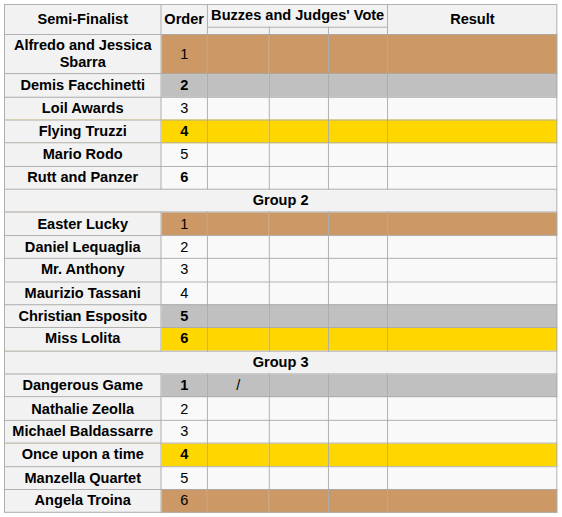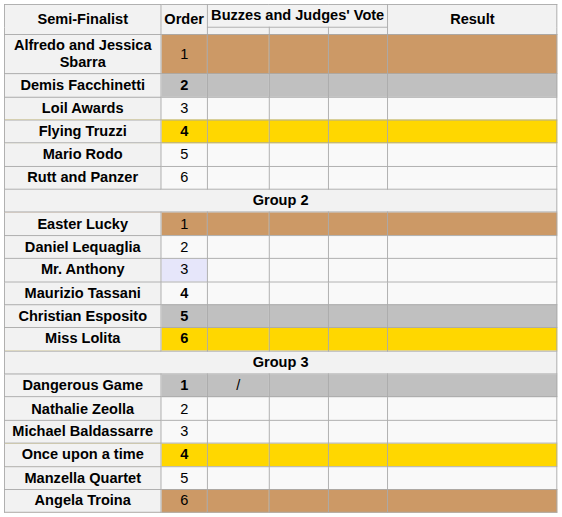 <table class="wikitable plainrowheaders sortable" style="text-align:center;">
 <tr>
 <th scope="col" rowspan=2 class="unsortable" style="width:17em;">Semi-Finalist</th>
 <th scope="col" rowspan=2 style="width:1em;">Order</th>
 <th scope="col" colspan=3 class="unsortable" style="width:24em;">Buzzes and Judges' Vote</th>
 <th scope="col" rowspan=2 style="width:23em;">Result</th>
 </tr>
 <tr>
 <th scope="col" class="unsortable" style="width:6em;"></th>
 <th scope="col" class="unsortable" style="width:6em;"></th>
 <th scope="col" class="unsortable" style="width:6em;"></th>
 </tr>
 <tr bgcolor=#c96>
 <th scope="row">Alfredo and Jessica Sbarra</th>
 <td>1</td>
 <td style="text-align:center;"></td>
 <td style="text-align:center;"></td>
 <td style="text-align:center;"></td>
 <td><strong></strong></td>
 </tr>
 <tr bgcolor=silver>
 <th scope="row"><strong>Demis Facchinetti</strong></th>
 <td><strong>2</strong></td>
 <td style="text-align:center;"></td>
 <td style="text-align:center;"></td>
 <td style="text-align:center;"></td>
 <td><strong></strong></td>
 </tr>
 <tr>
 <th scope="row">Loil Awards</th>
 <td>3</td>
 <td style="text-align:center;"></td>
 <td style="text-align:center;"></td>
 <td style="text-align:center;"></td>
 <td></td>
 </tr>
 <tr bgcolor=gold>
 <th scope="row"><strong>Flying Truzzi</strong></th>
 <td><strong>4</strong></td>
 <td style="text-align:center;"></td>
 <td style="text-align:center;"></td>
 <td style="text-align:center;"></td>
 <td><strong></strong></td>
 </tr>
 <tr>
 <th scope="row">Mario Rodo</th>
 <td>5</td>
 <td style="text-align:center;"></td>
 <td style="text-align:center;"></td>
 <td style="text-align:center;"></td>
 <td></td>
 </tr>
 <tr>
 <th scope="row">Rutt and Panzer</th>
-<td><strong>6</strong></td>
+<td>6</td>
 <td style="text-align:center;"></td>
 <td style="text-align:center;"></td>
 <td style="text-align:center;"></td>
 <td></td>
 </tr>
 <tr>
 <th colspan="8">Group 2</th>
 </tr>
 <tr bgcolor=#c96>
 <th scope="row">Easter Lucky</th>
 <td>1</td>
 <td style="text-align:center;"></td>
 <td style="text-align:center;"></td>
 <td style="text-align:center;"></td>
 <td><strong></strong></td>
 </tr>
 <tr>
 <th scope="row">Daniel Lequaglia</th>
 <td>2</td>
 <td style="text-align:center;"></td>
 <td style="text-align:center;"></td>
 <td style="text-align:center;"></td>
 <td></td>
 </tr>
 <tr>
 <th scope="row">Mr. Anthony</th>
-<td>3</td>
+<td style="background: lavender;">3</td>
 <td style="text-align:center;"></td>
 <td style="text-align:center;"></td>
 <td style="text-align:center;"></td>
 <td></td>
 </tr>
 <tr>
 <th scope="row">Maurizio Tassani</th>
-<td>4</td>
+<td><strong>4</strong></td>
 <td style="text-align:center;"></td>
 <td style="text-align:center;"></td>
 <td style="text-align:center;"></td>
 <td></td>
 </tr>
 <tr bgcolor=silver>
 <th scope="row"><strong>Christian Esposito</strong></th>
 <td><strong>5</strong></td>
 <td style="text-align:center;"></td>
 <td style="text-align:center;"></td>
 <td style="text-align:center;"></td>
 <td><strong></strong></td>
 </tr>
 <tr bgcolor=gold>
 <th scope="row"><strong>Miss Lolita</strong></th>
 <td><strong>6</strong></td>
 <td style="text-align:center;"></td>
 <td style="text-align:center;"></td>
 <td style="text-align:center;"></td>
 <td><strong></strong></td>
 </tr>
 <tr>
 <th colspan="8">Group 3</th>
 </tr>
 <tr bgcolor=silver>
 <th scope="row"><strong>Dangerous Game</strong></th>
 <td><strong>1</strong></td>
 <td style="text-align:center;"> / </td>
 <td style="text-align:center;"></td>
 <td style="text-align:center;"></td>
 <td><strong></strong></td>
 </tr>
 <tr>
 <th scope="row">Nathalie Zeolla</th>
 <td>2</td>
 <td style="text-align:center;"></td>
 <td style="text-align:center;"></td>
 <td style="text-align:center;"></td>
 <td></td>
 </tr>
 <tr>
 <th scope="row">Michael Baldassarre</th>
 <td>3</td>
 <td style="text-align:center;"></td>
 <td style="text-align:center;"></td>
 <td style="text-align:center;"></td>
 <td></td>
 </tr>
 <tr bgcolor=gold>
 <th scope="row"><strong>Once upon a time</strong></th>
 <td><strong>4</strong></td>
 <td style="text-align:center;"></td>
 <td style="text-align:center;"></td>
 <td style="text-align:center;"></td>
 <td><strong></strong></td>
 </tr>
 <tr>
 <th scope="row">Manzella Quartet</th>
 <td>5</td>
 <td style="text-align:center;"></td>
 <td style="text-align:center;"></td>
 <td style="text-align:center;"></td>
 <td></td>
 </tr>
 <tr bgcolor=#c96>
 <th scope="row">Angela Troina</th>
 <td>6</td>
 <td style="text-align:center;"></td>
 <td style="text-align:center;"></td>
 <td style="text-align:center;"></td>
 <td></td>
 </tr>
 </table>
